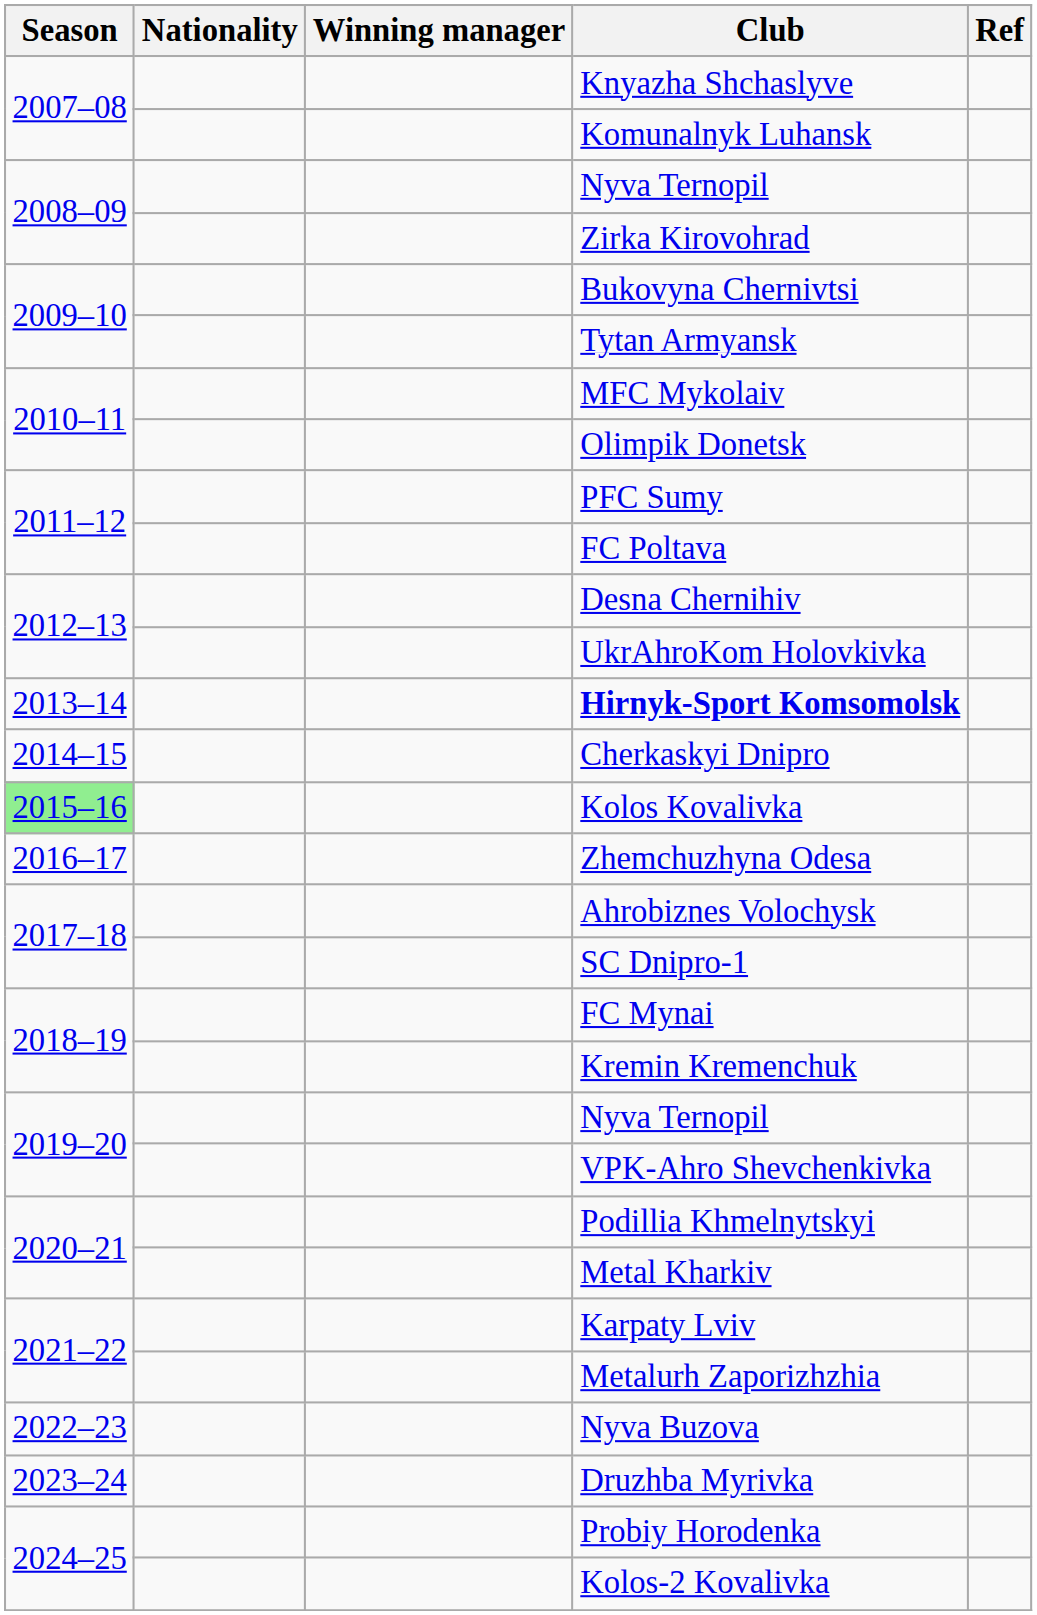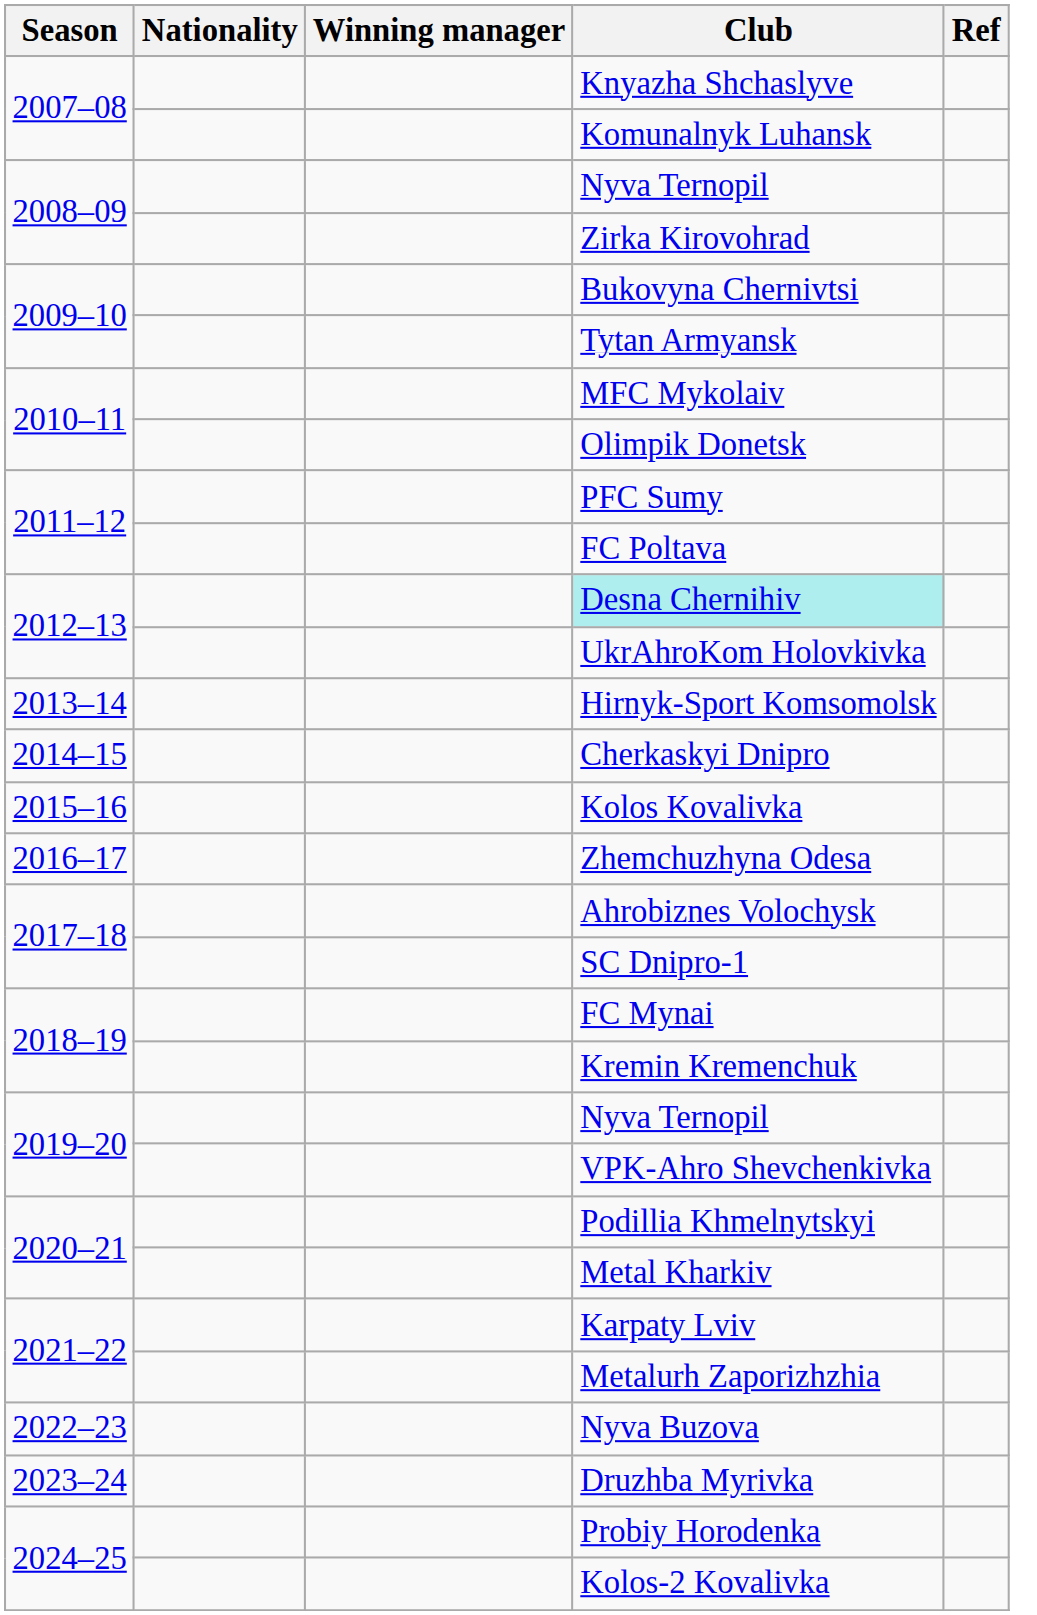 <table class="sortable wikitable">
 <tr>
 <th>Season</th>
 <th>Nationality</th>
 <th>Winning manager</th>
 <th>Club</th>
 <th class="unsortable">Ref</th>
 </tr>
 <tr>
 <td align=center rowspan=2><a href='#'>2007–08</a></td>
 <td align=center></td>
 <td></td>
 <td><a href='#'>Knyazha Shchaslyve</a></td>
 <td align=center></td>
 </tr>
 <tr>
 <td align=center></td>
 <td></td>
 <td><a href='#'>Komunalnyk Luhansk</a></td>
 <td align=center></td>
 </tr>
 <tr>
 <td align=center rowspan=2><a href='#'>2008–09</a></td>
 <td align=center></td>
 <td></td>
 <td><a href='#'>Nyva Ternopil</a></td>
 <td align=center></td>
 </tr>
 <tr>
 <td align=center></td>
 <td></td>
 <td><a href='#'>Zirka Kirovohrad</a></td>
 <td align=center></td>
 </tr>
 <tr>
 <td align=center rowspan=2><a href='#'>2009–10</a></td>
 <td align=center></td>
 <td></td>
 <td><a href='#'>Bukovyna Chernivtsi</a></td>
 <td align=center></td>
 </tr>
 <tr>
 <td align=center></td>
 <td></td>
 <td><a href='#'>Tytan Armyansk</a></td>
 <td align=center></td>
 </tr>
 <tr>
 <td align=center rowspan=2><a href='#'>2010–11</a></td>
 <td align=center></td>
 <td></td>
 <td><a href='#'>MFC Mykolaiv</a></td>
 <td align=center></td>
 </tr>
 <tr>
 <td align=center></td>
 <td></td>
 <td><a href='#'>Olimpik Donetsk</a></td>
 <td align=center></td>
 </tr>
 <tr>
 <td align=center rowspan=2><a href='#'>2011–12</a></td>
 <td align=center></td>
 <td></td>
 <td><a href='#'>PFC Sumy</a></td>
 <td align=center></td>
 </tr>
 <tr>
 <td align=center></td>
 <td></td>
 <td><a href='#'>FC Poltava</a></td>
 <td align=center></td>
 </tr>
 <tr>
 <td align=center rowspan=2><a href='#'>2012–13</a></td>
 <td align=center></td>
 <td></td>
-<td><a href='#'>Desna Chernihiv</a></td>
+<td style="background: paleturquoise;"><a href='#'>Desna Chernihiv</a></td>
 <td align=center></td>
 </tr>
 <tr>
 <td align=center></td>
 <td></td>
 <td><a href='#'>UkrAhroKom Holovkivka</a></td>
 <td align=center></td>
 </tr>
 <tr>
 <td align=center><a href='#'>2013–14</a></td>
 <td align=center></td>
 <td></td>
-<td><strong><a href='#'>Hirnyk-Sport Komsomolsk</a></strong></td>
+<td><a href='#'>Hirnyk-Sport Komsomolsk</a></td>
 <td align=center></td>
 </tr>
 <tr>
 <td align=center><a href='#'>2014–15</a></td>
 <td align=center></td>
 <td></td>
 <td><a href='#'>Cherkaskyi Dnipro</a></td>
 <td align=center></td>
 </tr>
 <tr>
-<td align=center style="background: lightgreen;"><a href='#'>2015–16</a></td>
+<td align=center><a href='#'>2015–16</a></td>
 <td align=center></td>
 <td></td>
 <td><a href='#'>Kolos Kovalivka</a></td>
 <td align=center></td>
 </tr>
 <tr>
 <td align=center><a href='#'>2016–17</a></td>
 <td align=center></td>
 <td></td>
 <td><a href='#'>Zhemchuzhyna Odesa</a></td>
 <td align=center></td>
 </tr>
 <tr>
 <td align=center rowspan=2><a href='#'>2017–18</a></td>
 <td align=center></td>
 <td></td>
 <td><a href='#'>Ahrobiznes Volochysk</a></td>
 <td align=center></td>
 </tr>
 <tr>
 <td align=center></td>
 <td></td>
 <td><a href='#'>SC Dnipro-1</a></td>
 <td align=center></td>
 </tr>
 <tr>
 <td align=center rowspan=2><a href='#'>2018–19</a></td>
 <td align=center></td>
 <td></td>
 <td><a href='#'>FC Mynai</a></td>
 <td align=center></td>
 </tr>
 <tr>
 <td align=center></td>
 <td></td>
 <td><a href='#'>Kremin Kremenchuk</a></td>
 <td align=center></td>
 </tr>
 <tr>
 <td align=center rowspan=2><a href='#'>2019–20</a></td>
 <td align=center></td>
 <td></td>
 <td><a href='#'>Nyva Ternopil</a></td>
 <td align=center></td>
 </tr>
 <tr>
 <td align=center></td>
 <td></td>
 <td><a href='#'>VPK-Ahro Shevchenkivka</a></td>
 <td align=center></td>
 </tr>
 <tr>
 <td align=center rowspan=2><a href='#'>2020–21</a></td>
 <td align=center></td>
 <td></td>
 <td><a href='#'>Podillia Khmelnytskyi</a></td>
 <td align=center></td>
 </tr>
 <tr>
 <td align=center></td>
 <td></td>
 <td><a href='#'>Metal Kharkiv</a></td>
 <td align=center></td>
 </tr>
 <tr>
 <td align=center rowspan=2><a href='#'>2021–22</a></td>
 <td align=center></td>
 <td></td>
 <td><a href='#'>Karpaty Lviv</a></td>
 <td align=center></td>
 </tr>
 <tr>
 <td align=center></td>
 <td></td>
 <td><a href='#'>Metalurh Zaporizhzhia</a></td>
 <td align=center></td>
 </tr>
 <tr>
 <td align=center><a href='#'>2022–23</a></td>
 <td align=center></td>
 <td></td>
 <td><a href='#'>Nyva Buzova</a></td>
 <td align=center></td>
 </tr>
 <tr>
 <td align=center><a href='#'>2023–24</a></td>
 <td align=center></td>
 <td></td>
 <td><a href='#'>Druzhba Myrivka</a></td>
 <td align=center></td>
 </tr>
 <tr>
 <td align=center rowspan=2><a href='#'>2024–25</a></td>
 <td align=center></td>
 <td></td>
 <td><a href='#'>Probiy Horodenka</a></td>
 <td align=center></td>
 </tr>
 <tr>
 <td align=center></td>
 <td></td>
 <td><a href='#'>Kolos-2 Kovalivka</a></td>
 <td align=center></td>
 </tr>
 <tr>
 </tr>
 </table>
